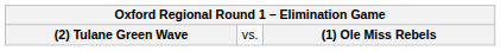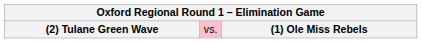 <table class="wikitable">
 <tr>
 <th style="width: 604px;" colspan=3>Oxford Regional Round 1 – Elimination Game</th>
 </tr>
 <tr>
 <th style="width: 289px; ">(2) Tulane Green Wave</th>
-<td style="width: 25px; text-align:center">vs.</td>
+<td style="background: pink; width: 25px; text-align:center">vs.</td>
 <th style="width: 289px; ">(1) Ole Miss Rebels</th>
 </tr>
 </table>
